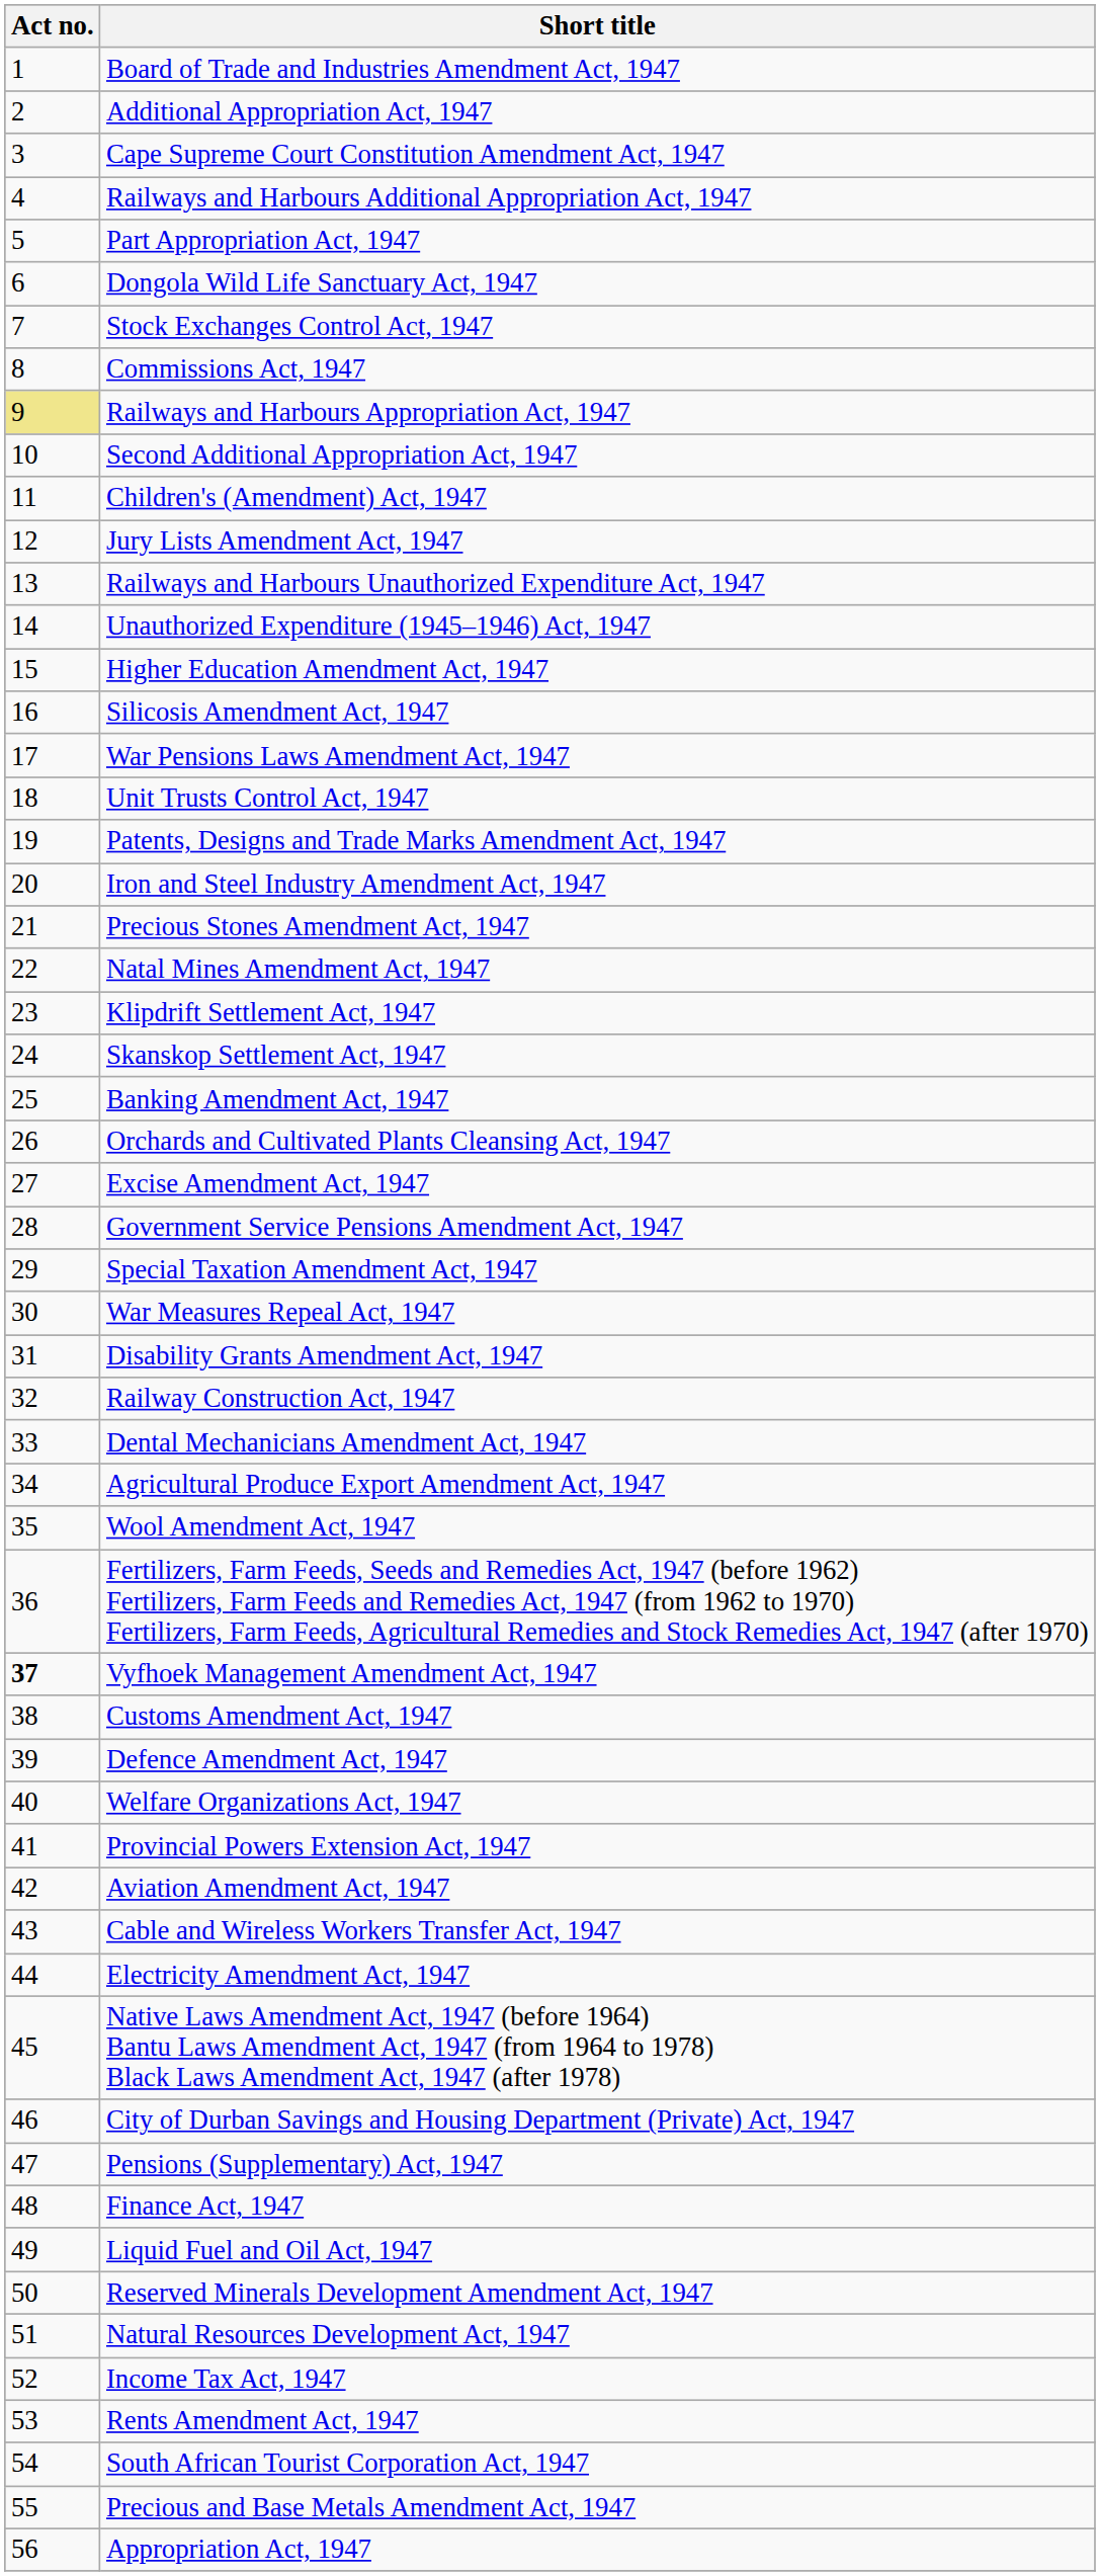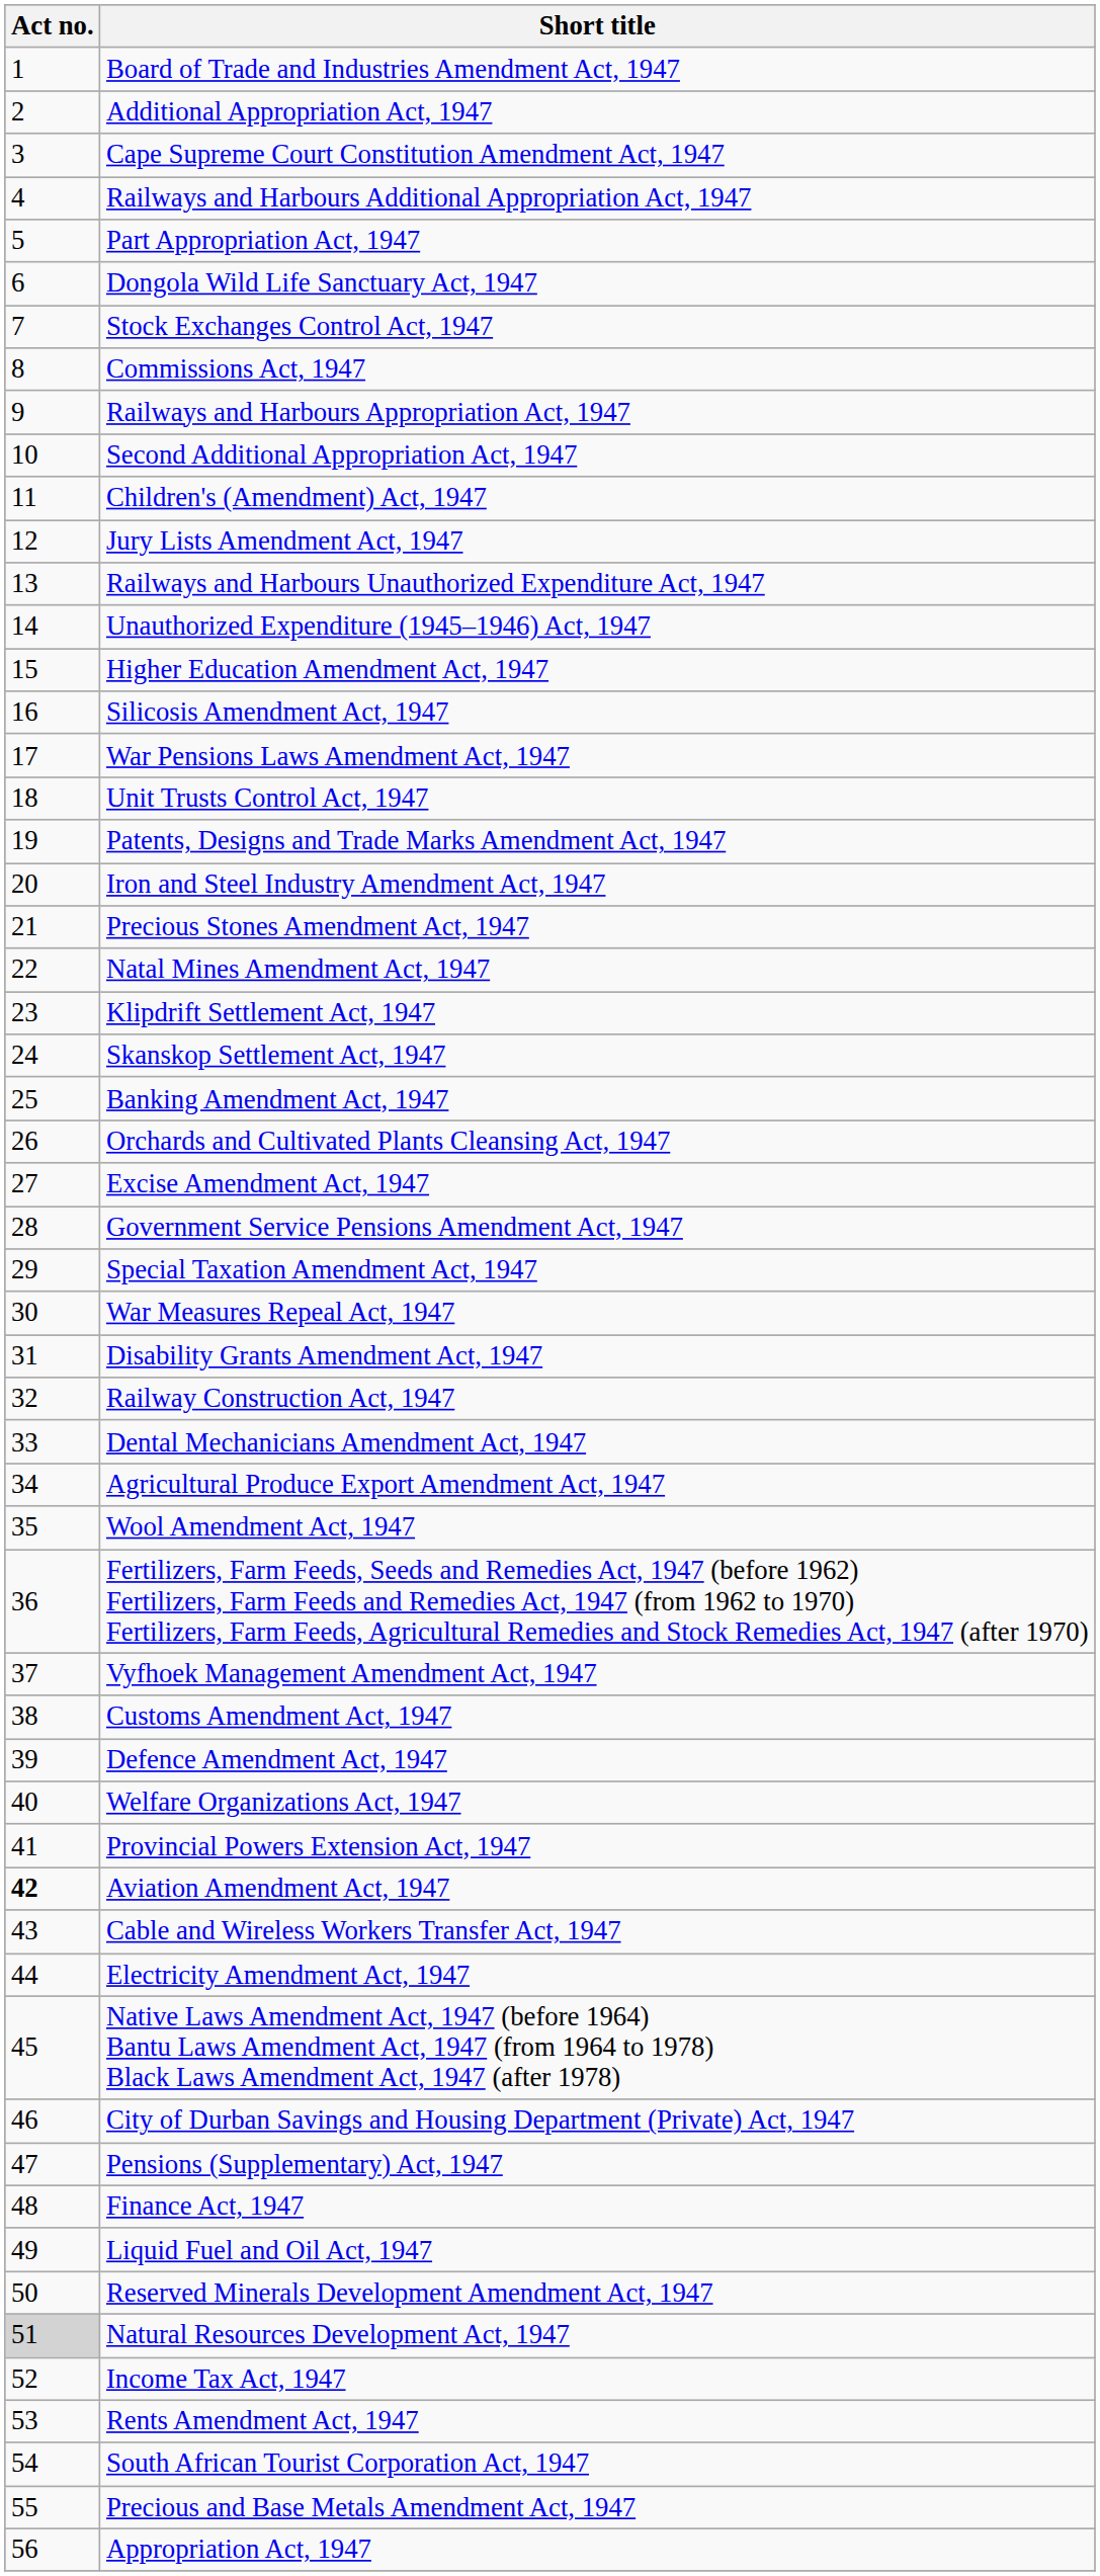 <table class="wikitable sortable">
 <tr>
 <th>Act no.</th>
 <th>Short title</th>
 </tr>
 <tr>
 <td>1</td>
 <td><a href='#'>Board of Trade and Industries Amendment Act, 1947</a></td>
 </tr>
 <tr>
 <td>2</td>
 <td><a href='#'>Additional Appropriation Act, 1947</a></td>
 </tr>
 <tr>
 <td>3</td>
 <td><a href='#'>Cape Supreme Court Constitution Amendment Act, 1947</a></td>
 </tr>
 <tr>
 <td>4</td>
 <td><a href='#'>Railways and Harbours Additional Appropriation Act, 1947</a></td>
 </tr>
 <tr>
 <td>5</td>
 <td><a href='#'>Part Appropriation Act, 1947</a></td>
 </tr>
 <tr>
 <td>6</td>
 <td><a href='#'>Dongola Wild Life Sanctuary Act, 1947</a></td>
 </tr>
 <tr>
 <td>7</td>
 <td><a href='#'>Stock Exchanges Control Act, 1947</a></td>
 </tr>
 <tr>
 <td>8</td>
 <td><a href='#'>Commissions Act, 1947</a></td>
 </tr>
 <tr>
-<td style="background: khaki;">9</td>
+<td>9</td>
 <td><a href='#'>Railways and Harbours Appropriation Act, 1947</a></td>
 </tr>
 <tr>
 <td>10</td>
 <td><a href='#'>Second Additional Appropriation Act, 1947</a></td>
 </tr>
 <tr>
 <td>11</td>
 <td><a href='#'>Children's (Amendment) Act, 1947</a></td>
 </tr>
 <tr>
 <td>12</td>
 <td><a href='#'>Jury Lists Amendment Act, 1947</a></td>
 </tr>
 <tr>
 <td>13</td>
 <td><a href='#'>Railways and Harbours Unauthorized Expenditure Act, 1947</a></td>
 </tr>
 <tr>
 <td>14</td>
 <td><a href='#'>Unauthorized Expenditure (1945–1946) Act, 1947</a></td>
 </tr>
 <tr>
 <td>15</td>
 <td><a href='#'>Higher Education Amendment Act, 1947</a></td>
 </tr>
 <tr>
 <td>16</td>
 <td><a href='#'>Silicosis Amendment Act, 1947</a></td>
 </tr>
 <tr>
 <td>17</td>
 <td><a href='#'>War Pensions Laws Amendment Act, 1947</a></td>
 </tr>
 <tr>
 <td>18</td>
 <td><a href='#'>Unit Trusts Control Act, 1947</a></td>
 </tr>
 <tr>
 <td>19</td>
 <td><a href='#'>Patents, Designs and Trade Marks Amendment Act, 1947</a></td>
 </tr>
 <tr>
 <td>20</td>
 <td><a href='#'>Iron and Steel Industry Amendment Act, 1947</a></td>
 </tr>
 <tr>
 <td>21</td>
 <td><a href='#'>Precious Stones Amendment Act, 1947</a></td>
 </tr>
 <tr>
 <td>22</td>
 <td><a href='#'>Natal Mines Amendment Act, 1947</a></td>
 </tr>
 <tr>
 <td>23</td>
 <td><a href='#'>Klipdrift Settlement Act, 1947</a></td>
 </tr>
 <tr>
 <td>24</td>
 <td><a href='#'>Skanskop Settlement Act, 1947</a></td>
 </tr>
 <tr>
 <td>25</td>
 <td><a href='#'>Banking Amendment Act, 1947</a></td>
 </tr>
 <tr>
 <td>26</td>
 <td><a href='#'>Orchards and Cultivated Plants Cleansing Act, 1947</a></td>
 </tr>
 <tr>
 <td>27</td>
 <td><a href='#'>Excise Amendment Act, 1947</a></td>
 </tr>
 <tr>
 <td>28</td>
 <td><a href='#'>Government Service Pensions Amendment Act, 1947</a></td>
 </tr>
 <tr>
 <td>29</td>
 <td><a href='#'>Special Taxation Amendment Act, 1947</a></td>
 </tr>
 <tr>
 <td>30</td>
 <td><a href='#'>War Measures Repeal Act, 1947</a></td>
 </tr>
 <tr>
 <td>31</td>
 <td><a href='#'>Disability Grants Amendment Act, 1947</a></td>
 </tr>
 <tr>
 <td>32</td>
 <td><a href='#'>Railway Construction Act, 1947</a></td>
 </tr>
 <tr>
 <td>33</td>
 <td><a href='#'>Dental Mechanicians Amendment Act, 1947</a></td>
 </tr>
 <tr>
 <td>34</td>
 <td><a href='#'>Agricultural Produce Export Amendment Act, 1947</a></td>
 </tr>
 <tr>
 <td>35</td>
 <td><a href='#'>Wool Amendment Act, 1947</a></td>
 </tr>
 <tr>
 <td>36</td>
 <td><a href='#'>Fertilizers, Farm Feeds, Seeds and Remedies Act, 1947</a> (before 1962) <br><a href='#'>Fertilizers, Farm Feeds and Remedies Act, 1947</a> (from 1962 to 1970) <br><a href='#'>Fertilizers, Farm Feeds, Agricultural Remedies and Stock Remedies Act, 1947</a> (after 1970)</td>
 </tr>
 <tr>
-<td><strong>37</strong></td>
+<td>37</td>
 <td><a href='#'>Vyfhoek Management Amendment Act, 1947</a></td>
 </tr>
 <tr>
 <td>38</td>
 <td><a href='#'>Customs Amendment Act, 1947</a></td>
 </tr>
 <tr>
 <td>39</td>
 <td><a href='#'>Defence Amendment Act, 1947</a></td>
 </tr>
 <tr>
 <td>40</td>
 <td><a href='#'>Welfare Organizations Act, 1947</a></td>
 </tr>
 <tr>
 <td>41</td>
 <td><a href='#'>Provincial Powers Extension Act, 1947</a></td>
 </tr>
 <tr>
-<td>42</td>
+<td><strong>42</strong></td>
 <td><a href='#'>Aviation Amendment Act, 1947</a></td>
 </tr>
 <tr>
 <td>43</td>
 <td><a href='#'>Cable and Wireless Workers Transfer Act, 1947</a></td>
 </tr>
 <tr>
 <td>44</td>
 <td><a href='#'>Electricity Amendment Act, 1947</a></td>
 </tr>
 <tr>
 <td>45</td>
 <td><a href='#'>Native Laws Amendment Act, 1947</a> (before 1964) <br><a href='#'>Bantu Laws Amendment Act, 1947</a> (from 1964 to 1978) <br><a href='#'>Black Laws Amendment Act, 1947</a> (after 1978)</td>
 </tr>
 <tr>
 <td>46</td>
 <td><a href='#'>City of Durban Savings and Housing Department (Private) Act, 1947</a></td>
 </tr>
 <tr>
 <td>47</td>
 <td><a href='#'>Pensions (Supplementary) Act, 1947</a></td>
 </tr>
 <tr>
 <td>48</td>
 <td><a href='#'>Finance Act, 1947</a></td>
 </tr>
 <tr>
 <td>49</td>
 <td><a href='#'>Liquid Fuel and Oil Act, 1947</a></td>
 </tr>
 <tr>
 <td>50</td>
 <td><a href='#'>Reserved Minerals Development Amendment Act, 1947</a></td>
 </tr>
 <tr>
-<td>51</td>
+<td style="background: lightgrey;">51</td>
 <td><a href='#'>Natural Resources Development Act, 1947</a></td>
 </tr>
 <tr>
 <td>52</td>
 <td><a href='#'>Income Tax Act, 1947</a></td>
 </tr>
 <tr>
 <td>53</td>
 <td><a href='#'>Rents Amendment Act, 1947</a></td>
 </tr>
 <tr>
 <td>54</td>
 <td><a href='#'>South African Tourist Corporation Act, 1947</a></td>
 </tr>
 <tr>
 <td>55</td>
 <td><a href='#'>Precious and Base Metals Amendment Act, 1947</a></td>
 </tr>
 <tr>
 <td>56</td>
 <td><a href='#'>Appropriation Act, 1947</a></td>
 </tr>
 </table>
